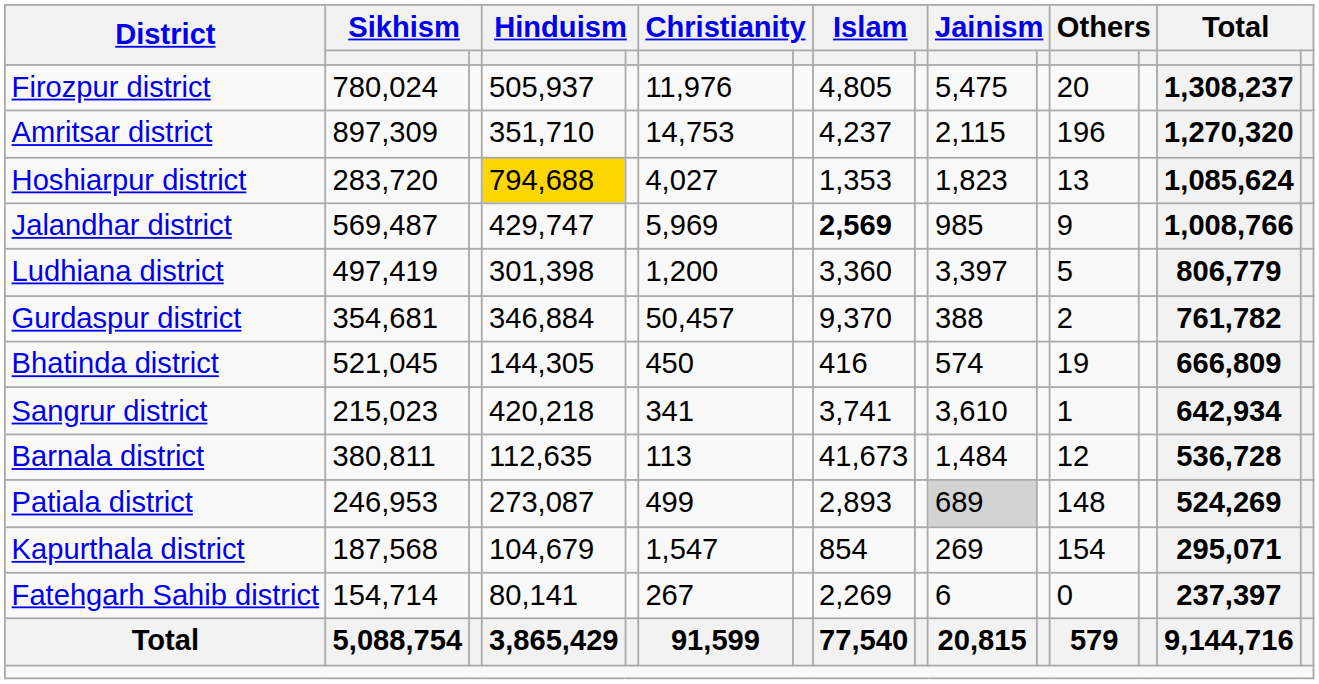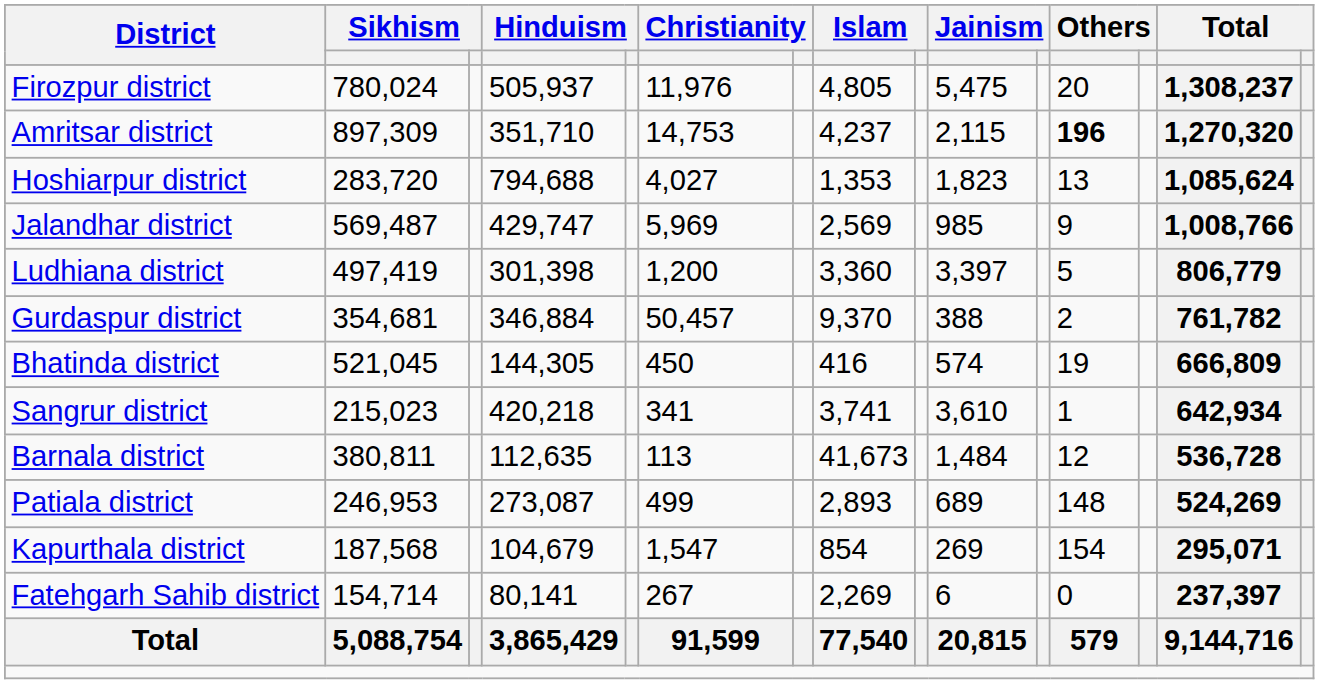 <table class="wikitable sortable mw-collapsible">
 <tr>
 <th rowspan="2"><a href='#'>District</a></th>
 <th colspan="2"><a href='#'>Sikhism</a> </th>
 <th colspan="2"><a href='#'>Hinduism</a> </th>
 <th colspan="2"><a href='#'>Christianity</a> </th>
 <th colspan="2"><a href='#'>Islam</a> </th>
 <th colspan="2"><a href='#'>Jainism</a> </th>
 <th colspan="2">Others</th>
 <th colspan="2">Total</th>
 </tr>
 <tr>
 <th><a href='#'></a></th>
 <th></th>
 <th></th>
 <th></th>
 <th></th>
 <th></th>
 <th></th>
 <th></th>
 <th></th>
 <th></th>
 <th></th>
 <th></th>
 <th></th>
 <th></th>
 </tr>
 <tr>
 <td><a href='#'>Firozpur district</a></td>
 <td>780,024</td>
 <td></td>
 <td>505,937</td>
 <td></td>
 <td>11,976</td>
 <td></td>
 <td>4,805</td>
 <td></td>
 <td>5,475</td>
 <td></td>
 <td>20</td>
 <td></td>
 <th>1,308,237</th>
 <th></th>
 </tr>
 <tr>
 <td><a href='#'>Amritsar district</a></td>
 <td>897,309</td>
 <td></td>
 <td>351,710</td>
 <td></td>
 <td>14,753</td>
 <td></td>
 <td>4,237</td>
 <td></td>
 <td>2,115</td>
 <td></td>
-<td>196</td>
+<td><strong>196</strong></td>
 <td></td>
 <th>1,270,320</th>
 <th></th>
 </tr>
 <tr>
 <td><a href='#'>Hoshiarpur district</a></td>
 <td>283,720</td>
 <td></td>
-<td style="background: gold;">794,688</td>
+<td>794,688</td>
 <td></td>
 <td>4,027</td>
 <td></td>
 <td>1,353</td>
 <td></td>
 <td>1,823</td>
 <td></td>
 <td>13</td>
 <td></td>
 <th>1,085,624</th>
 <th></th>
 </tr>
 <tr>
 <td><a href='#'>Jalandhar district</a></td>
 <td>569,487</td>
 <td></td>
 <td>429,747</td>
 <td></td>
 <td>5,969</td>
 <td></td>
-<td><strong>2,569</strong></td>
+<td>2,569</td>
 <td></td>
 <td>985</td>
 <td></td>
 <td>9</td>
 <td></td>
 <th>1,008,766</th>
 <th></th>
 </tr>
 <tr>
 <td><a href='#'>Ludhiana district</a></td>
 <td>497,419</td>
 <td></td>
 <td>301,398</td>
 <td></td>
 <td>1,200</td>
 <td></td>
 <td>3,360</td>
 <td></td>
 <td>3,397</td>
 <td></td>
 <td>5</td>
 <td></td>
 <th>806,779</th>
 <th></th>
 </tr>
 <tr>
 <td><a href='#'>Gurdaspur district</a></td>
 <td>354,681</td>
 <td></td>
 <td>346,884</td>
 <td></td>
 <td>50,457</td>
 <td></td>
 <td>9,370</td>
 <td></td>
 <td>388</td>
 <td></td>
 <td>2</td>
 <td></td>
 <th>761,782</th>
 <th></th>
 </tr>
 <tr>
 <td><a href='#'>Bhatinda district</a></td>
 <td>521,045</td>
 <td></td>
 <td>144,305</td>
 <td></td>
 <td>450</td>
 <td></td>
 <td>416</td>
 <td></td>
 <td>574</td>
 <td></td>
 <td>19</td>
 <td></td>
 <th>666,809</th>
 <th></th>
 </tr>
 <tr>
 <td><a href='#'>Sangrur district</a></td>
 <td>215,023</td>
 <td></td>
 <td>420,218</td>
 <td></td>
 <td>341</td>
 <td></td>
 <td>3,741</td>
 <td></td>
 <td>3,610</td>
 <td></td>
 <td>1</td>
 <td></td>
 <th>642,934</th>
 <th></th>
 </tr>
 <tr>
 <td><a href='#'>Barnala district</a></td>
 <td>380,811</td>
 <td></td>
 <td>112,635</td>
 <td></td>
 <td>113</td>
 <td></td>
 <td>41,673</td>
 <td></td>
 <td>1,484</td>
 <td></td>
 <td>12</td>
 <td></td>
 <th>536,728</th>
 <th></th>
 </tr>
 <tr>
 <td><a href='#'>Patiala district</a></td>
 <td>246,953</td>
 <td></td>
 <td>273,087</td>
 <td></td>
 <td>499</td>
 <td></td>
 <td>2,893</td>
 <td></td>
-<td style="background: lightgrey;">689</td>
+<td>689</td>
 <td></td>
 <td>148</td>
 <td></td>
 <th>524,269</th>
 <th></th>
 </tr>
 <tr>
 <td><a href='#'>Kapurthala district</a></td>
 <td>187,568</td>
 <td></td>
 <td>104,679</td>
 <td></td>
 <td>1,547</td>
 <td></td>
 <td>854</td>
 <td></td>
 <td>269</td>
 <td></td>
 <td>154</td>
 <td></td>
 <th>295,071</th>
 <th></th>
 </tr>
 <tr>
 <td><a href='#'>Fatehgarh Sahib district</a></td>
 <td>154,714</td>
 <td></td>
 <td>80,141</td>
 <td></td>
 <td>267</td>
 <td></td>
 <td>2,269</td>
 <td></td>
 <td>6</td>
 <td></td>
 <td>0</td>
 <td></td>
 <th>237,397</th>
 <th></th>
 </tr>
 <tr>
 <th>Total</th>
 <th>5,088,754</th>
 <th></th>
 <th>3,865,429</th>
 <th></th>
 <th>91,599</th>
 <th></th>
 <th>77,540</th>
 <th></th>
 <th>20,815</th>
 <th></th>
 <th>579</th>
 <th></th>
 <th>9,144,716</th>
 <th></th>
 </tr>
 <tr class="sortbottom">
 <td colspan="15"></td>
 </tr>
 </table>
